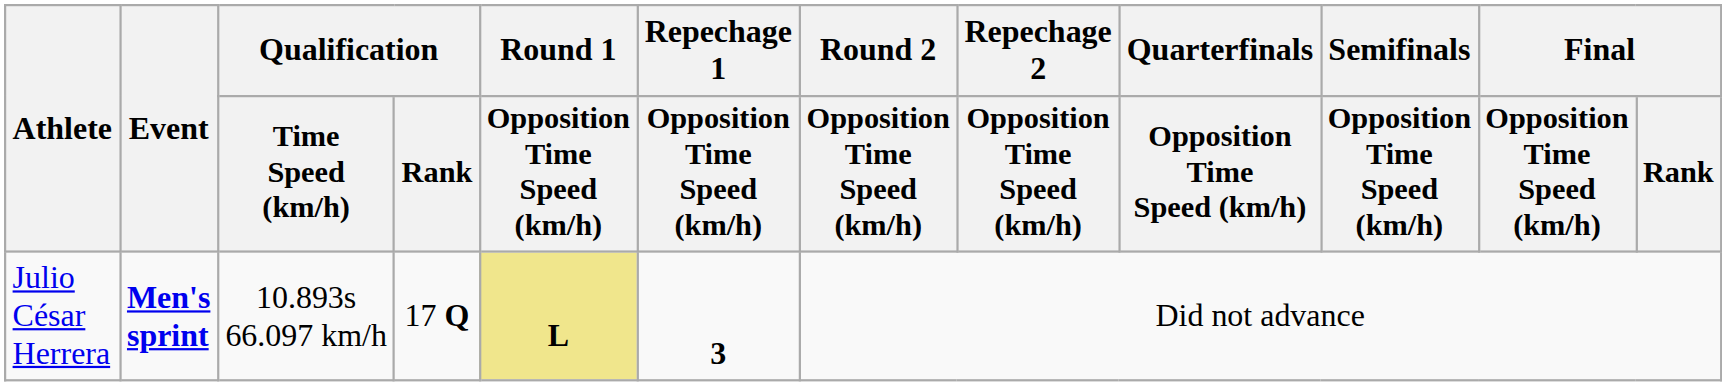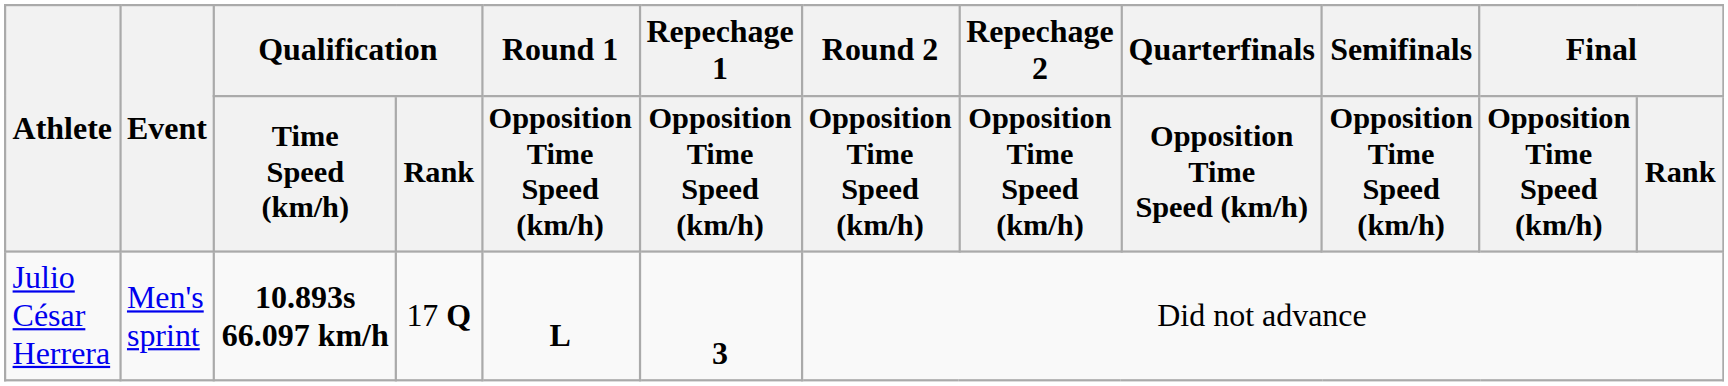 <table class="wikitable" style="font-size:90%">
 <tr>
 <th rowspan="2">Athlete</th>
 <th rowspan="2">Event</th>
 <th colspan=2>Qualification</th>
 <th>Round 1</th>
 <th>Repechage 1</th>
 <th>Round 2</th>
 <th>Repechage 2</th>
 <th>Quarterfinals</th>
 <th>Semifinals</th>
 <th colspan=2>Final</th>
 </tr>
 <tr style="font-size:95%">
 <th>Time<br>Speed (km/h)</th>
 <th>Rank</th>
 <th>Opposition<br>Time<br>Speed (km/h)</th>
 <th>Opposition<br>Time<br>Speed (km/h)</th>
 <th>Opposition<br>Time<br>Speed (km/h)</th>
 <th>Opposition<br>Time<br>Speed (km/h)</th>
 <th>Opposition<br>Time<br>Speed (km/h)</th>
 <th>Opposition<br>Time<br>Speed (km/h)</th>
 <th>Opposition<br>Time<br>Speed (km/h)</th>
 <th>Rank</th>
 </tr>
 <tr align=center>
 <td align=left><a href='#'>Julio César Herrera</a></td>
-<td align=left><strong><a href='#'>Men's sprint</a></strong></td>
-<td>10.893s<br>66.097 km/h</td>
+<td align=left><a href='#'>Men's sprint</a></td>
+<td><strong>10.893s<br>66.097 km/h</strong></td>
 <td>17 <strong>Q</strong></td>
-<td style="background: khaki;"><br><strong>L</strong></td>
+<td><br><strong>L</strong></td>
 <td><strong><br> <br> 3</strong></td>
 <td colspan=6>Did not advance</td>
 </tr>
 </table>
